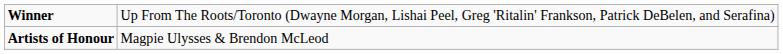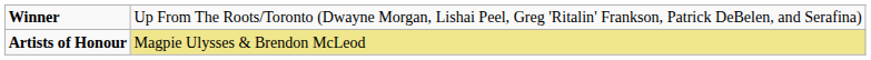 <table class="wikitable">
 <tr>
 <td><strong>Winner</strong></td>
 <td>Up From The Roots/Toronto (Dwayne Morgan, Lishai Peel, Greg 'Ritalin' Frankson, Patrick DeBelen, and Serafina)</td>
 </tr>
 <tr>
 <td><strong>Artists of Honour</strong></td>
-<td>Magpie Ulysses & Brendon McLeod</td>
+<td style="background: khaki;">Magpie Ulysses & Brendon McLeod</td>
 </tr>
 </table>
